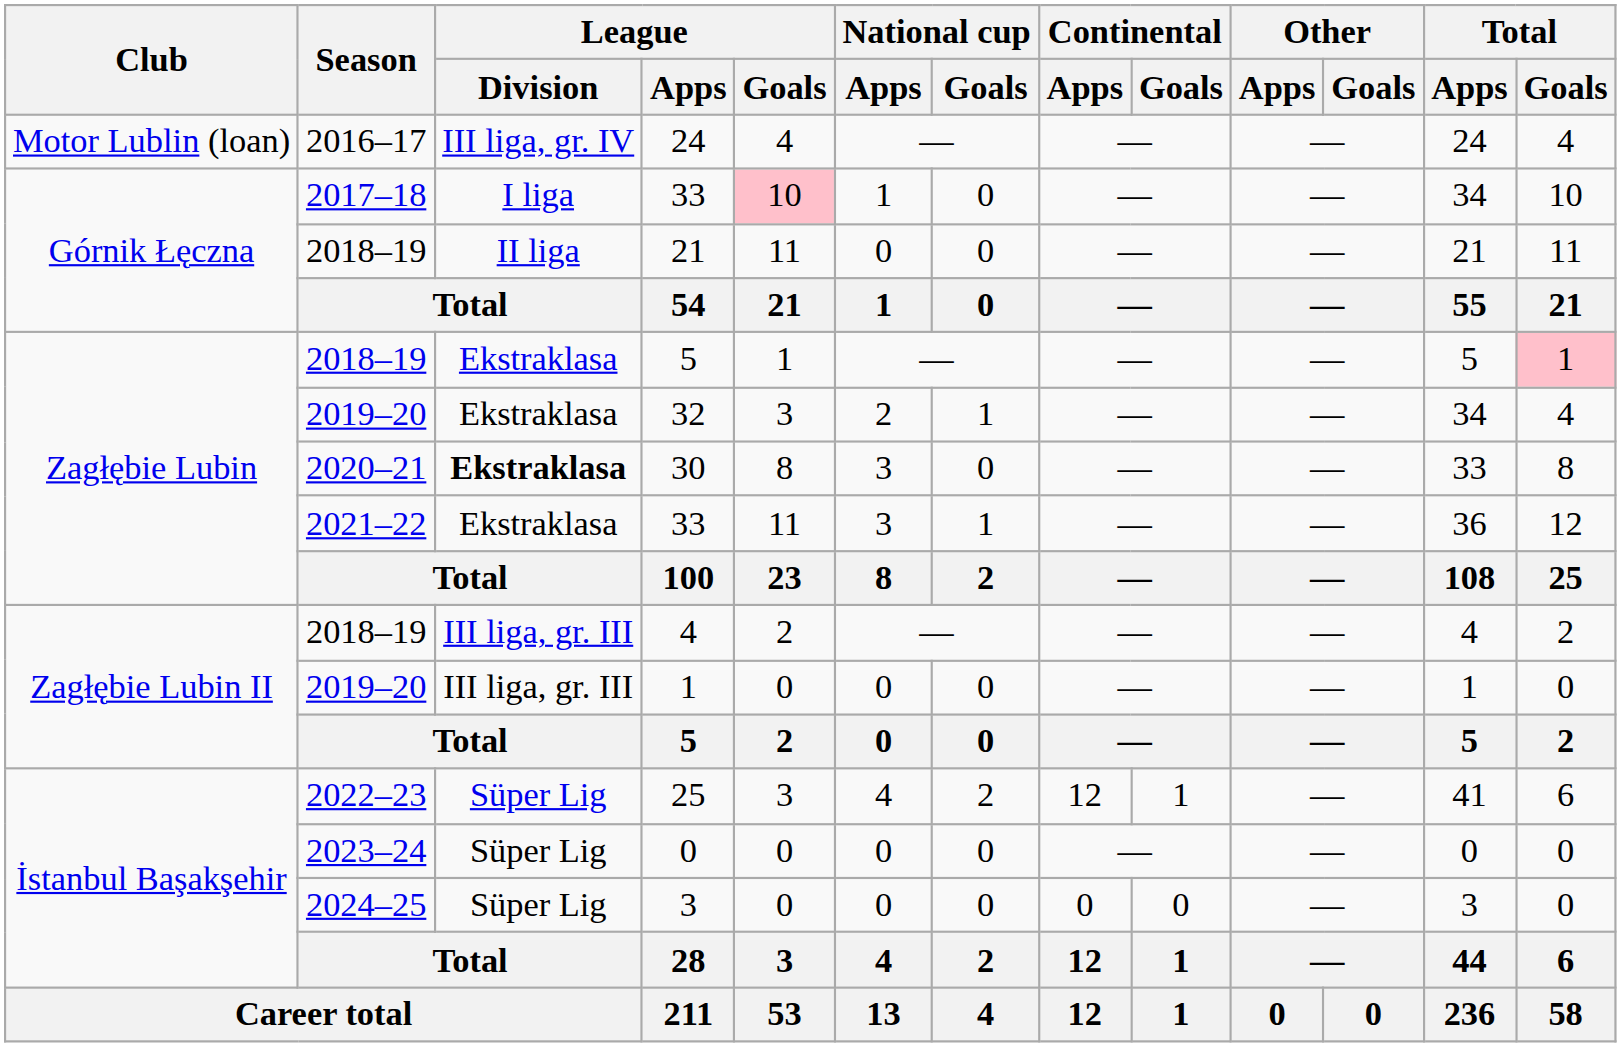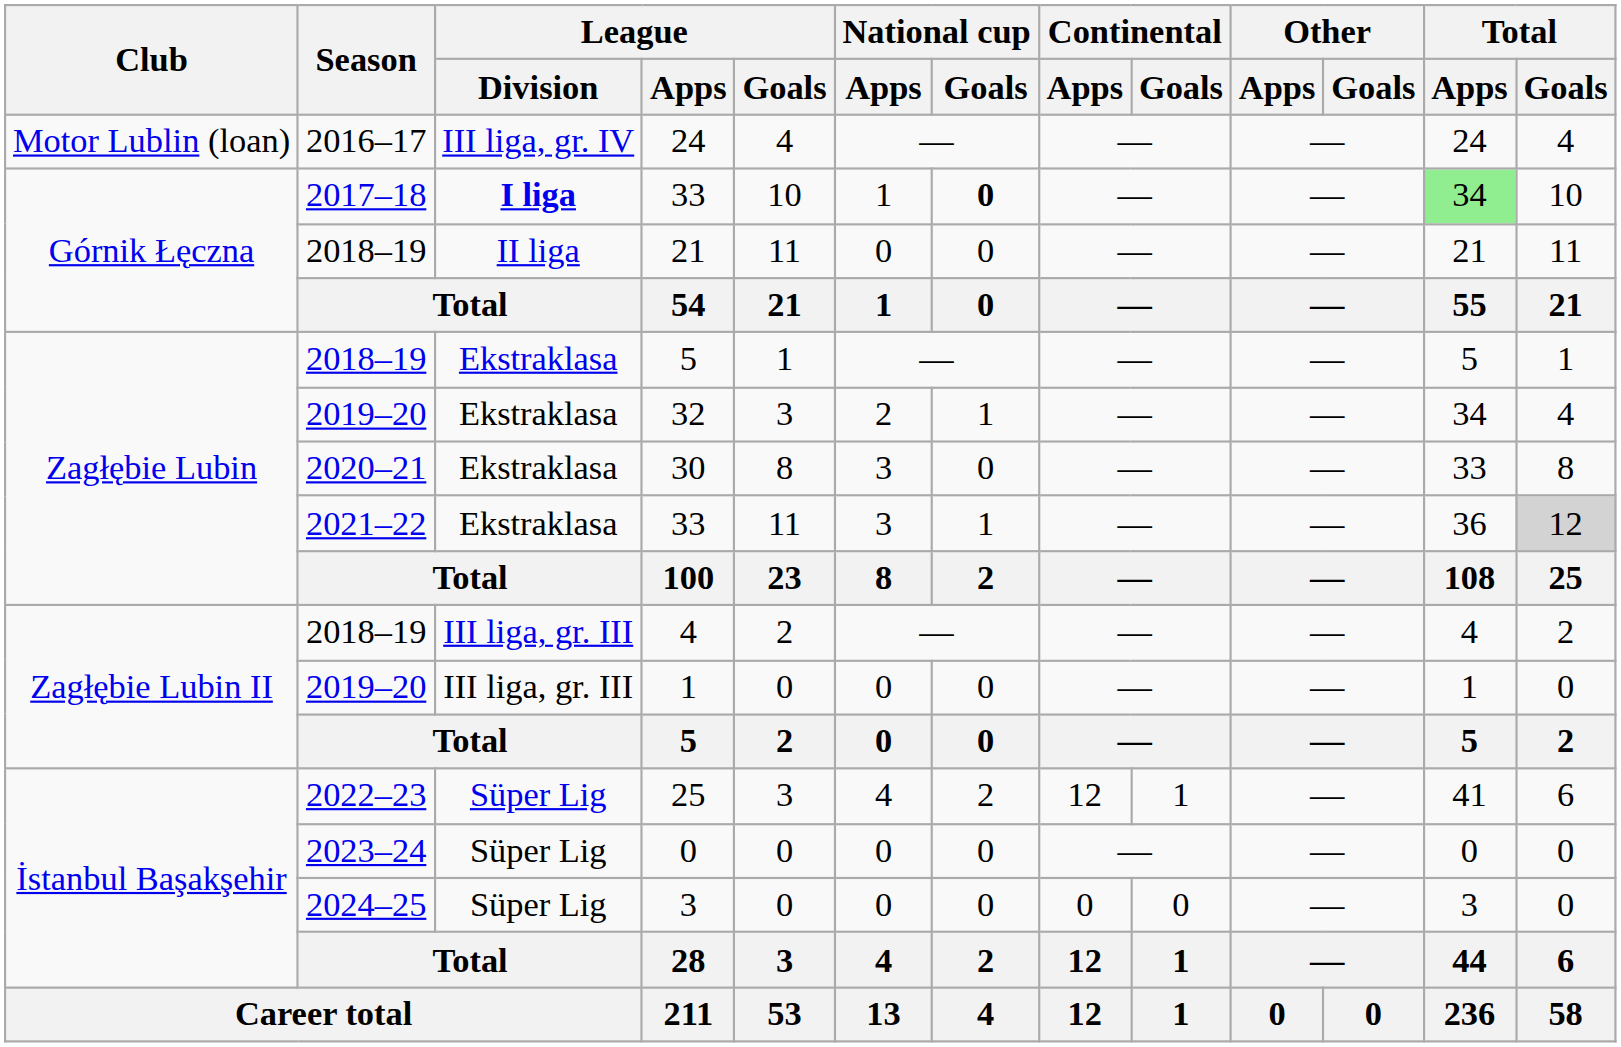 <table class="wikitable" style="text-align: center;">
 <tr>
 <th rowspan=2>Club</th>
 <th rowspan=2>Season</th>
 <th colspan=3>League</th>
 <th colspan=2>National cup</th>
 <th colspan=2>Continental</th>
 <th colspan=2>Other</th>
 <th colspan=2>Total</th>
 </tr>
 <tr>
 <th>Division</th>
 <th>Apps</th>
 <th>Goals</th>
 <th>Apps</th>
 <th>Goals</th>
 <th>Apps</th>
 <th>Goals</th>
 <th>Apps</th>
 <th>Goals</th>
 <th>Apps</th>
 <th>Goals</th>
 </tr>
 <tr>
 <td><a href='#'>Motor Lublin</a> (loan)</td>
 <td>2016–17</td>
 <td><a href='#'>III liga, gr. IV</a></td>
 <td>24</td>
 <td>4</td>
 <td colspan="2">—</td>
 <td colspan="2">—</td>
 <td colspan="2">—</td>
 <td>24</td>
 <td>4</td>
 </tr>
 <tr>
 <td rowspan="3"><a href='#'>Górnik Łęczna</a></td>
 <td><a href='#'>2017–18</a></td>
-<td><a href='#'>I liga</a></td>
+<td><strong><a href='#'>I liga</a></strong></td>
 <td>33</td>
-<td style="background: pink;">10</td>
+<td>10</td>
 <td>1</td>
-<td>0</td>
+<td><strong>0</strong></td>
 <td colspan="2">—</td>
 <td colspan="2">—</td>
-<td>34</td>
+<td style="background: lightgreen;">34</td>
 <td>10</td>
 </tr>
 <tr>
 <td>2018–19</td>
 <td><a href='#'>II liga</a></td>
 <td>21</td>
 <td>11</td>
 <td>0</td>
 <td>0</td>
 <td colspan="2">—</td>
 <td colspan="2">—</td>
 <td>21</td>
 <td>11</td>
 </tr>
 <tr>
 <th colspan="2">Total</th>
 <th>54</th>
 <th>21</th>
 <th>1</th>
 <th>0</th>
 <th colspan="2">—</th>
 <th colspan="2">—</th>
 <th>55</th>
 <th>21</th>
 </tr>
 <tr>
 <td rowspan="5"><a href='#'>Zagłębie Lubin</a></td>
 <td><a href='#'>2018–19</a></td>
 <td><a href='#'>Ekstraklasa</a></td>
 <td>5</td>
 <td>1</td>
 <td colspan="2">—</td>
 <td colspan="2">—</td>
 <td colspan="2">—</td>
 <td>5</td>
-<td style="background: pink;">1</td>
+<td>1</td>
 </tr>
 <tr>
 <td><a href='#'>2019–20</a></td>
 <td>Ekstraklasa</td>
 <td>32</td>
 <td>3</td>
 <td>2</td>
 <td>1</td>
 <td colspan="2">—</td>
 <td colspan="2">—</td>
 <td>34</td>
 <td>4</td>
 </tr>
 <tr>
 <td><a href='#'>2020–21</a></td>
-<td><strong>Ekstraklasa</strong></td>
+<td>Ekstraklasa</td>
 <td>30</td>
 <td>8</td>
 <td>3</td>
 <td>0</td>
 <td colspan="2">—</td>
 <td colspan="2">—</td>
 <td>33</td>
 <td>8</td>
 </tr>
 <tr>
 <td><a href='#'>2021–22</a></td>
 <td>Ekstraklasa</td>
 <td>33</td>
 <td>11</td>
 <td>3</td>
 <td>1</td>
 <td colspan="2">—</td>
 <td colspan="2">—</td>
 <td>36</td>
-<td>12</td>
+<td style="background: lightgrey;">12</td>
 </tr>
 <tr>
 <th colspan="2">Total</th>
 <th>100</th>
 <th>23</th>
 <th>8</th>
 <th>2</th>
 <th colspan="2">—</th>
 <th colspan="2">—</th>
 <th>108</th>
 <th>25</th>
 </tr>
 <tr>
 <td rowspan="3"><a href='#'>Zagłębie Lubin II</a></td>
 <td>2018–19</td>
 <td><a href='#'>III liga, gr. III</a></td>
 <td>4</td>
 <td>2</td>
 <td colspan="2">—</td>
 <td colspan="2">—</td>
 <td colspan="2">—</td>
 <td>4</td>
 <td>2</td>
 </tr>
 <tr>
 <td><a href='#'>2019–20</a></td>
 <td>III liga, gr. III</td>
 <td>1</td>
 <td>0</td>
 <td>0</td>
 <td>0</td>
 <td colspan="2">—</td>
 <td colspan="2">—</td>
 <td>1</td>
 <td>0</td>
 </tr>
 <tr>
 <th colspan="2">Total</th>
 <th>5</th>
 <th>2</th>
 <th>0</th>
 <th>0</th>
 <th colspan="2">—</th>
 <th colspan="2">—</th>
 <th>5</th>
 <th>2</th>
 </tr>
 <tr>
 <td rowspan="4"><a href='#'>İstanbul Başakşehir</a></td>
 <td><a href='#'>2022–23</a></td>
 <td><a href='#'>Süper Lig</a></td>
 <td>25</td>
 <td>3</td>
 <td>4</td>
 <td>2</td>
 <td>12</td>
 <td>1</td>
 <td colspan="2">—</td>
 <td>41</td>
 <td>6</td>
 </tr>
 <tr>
 <td><a href='#'>2023–24</a></td>
 <td>Süper Lig</td>
 <td>0</td>
 <td>0</td>
 <td>0</td>
 <td>0</td>
 <td colspan="2">—</td>
 <td colspan="2">—</td>
 <td>0</td>
 <td>0</td>
 </tr>
 <tr>
 <td><a href='#'>2024–25</a></td>
 <td>Süper Lig</td>
 <td>3</td>
 <td>0</td>
 <td>0</td>
 <td>0</td>
 <td>0</td>
 <td>0</td>
 <td colspan="2">—</td>
 <td>3</td>
 <td>0</td>
 </tr>
 <tr>
 <th colspan="2">Total</th>
 <th>28</th>
 <th>3</th>
 <th>4</th>
 <th>2</th>
 <th>12</th>
 <th>1</th>
 <th colspan="2">—</th>
 <th>44</th>
 <th>6</th>
 </tr>
 <tr>
 <th colspan="3">Career total</th>
 <th>211</th>
 <th>53</th>
 <th>13</th>
 <th>4</th>
 <th>12</th>
 <th>1</th>
 <th>0</th>
 <th>0</th>
 <th>236</th>
 <th>58</th>
 </tr>
 </table>
